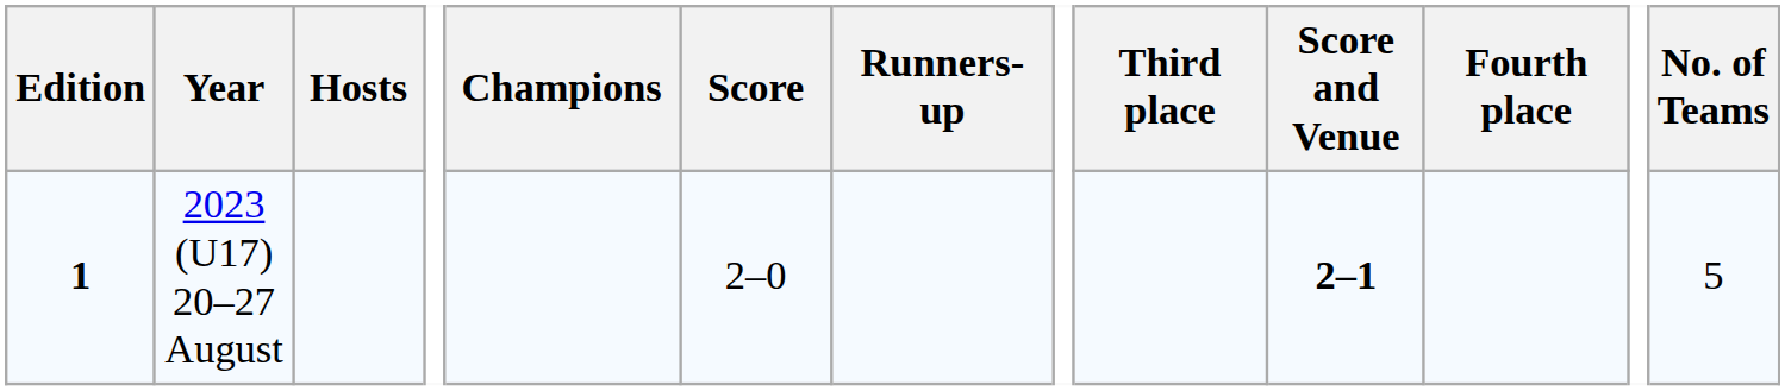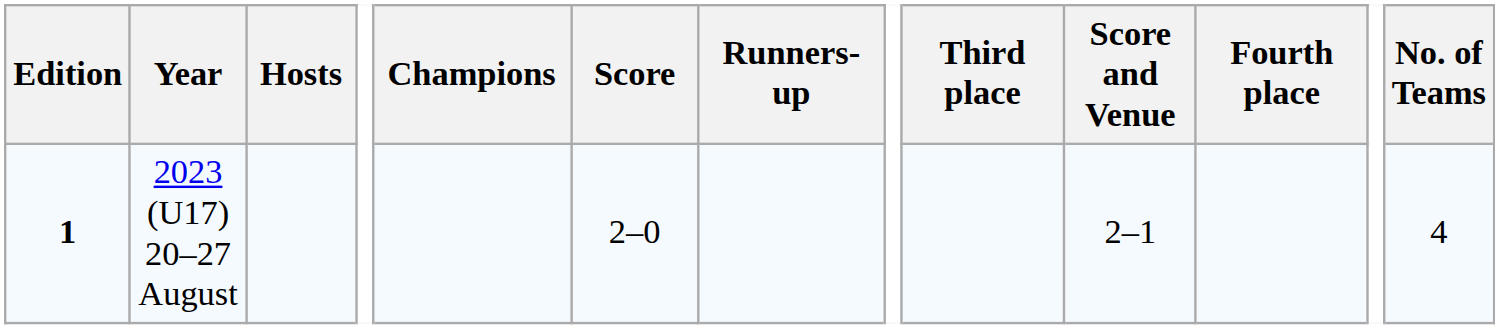 <table class="wikitable" style="text-align:center;width:100%; font-size:90%;">
 <tr>
 <th width=2%>Edition</th>
 <th width=5%>Year</th>
 <th width=8%>Hosts</th>
 <td rowspan="5" style="width:1%;background:#fff;border-top-style:hidden;border-bottom-style:hidden;"></td>
 <th style="width:14%;">Champions</th>
 <th width=10%>Score</th>
 <th style="width:14%;">Runners-up</th>
 <td rowspan="5" style="width:1%;background:#fff;border-top-style:hidden;border-bottom-style:hidden;"></td>
 <th style="width:14%;">Third place</th>
 <th width=10%>Score and Venue</th>
 <th style="width:14%;">Fourth place</th>
 <td rowspan="5" style="width:1%;background:#fff;border-top-style:hidden;border-bottom-style:hidden;"></td>
 <th width=4%>No. of Teams</th>
 </tr>
 <tr bgcolor=#F5FAFF>
 <td><strong>1</strong></td>
 <td><a href='#'>2023</a><br>(U17) 20–27 August</td>
 <td align="left"></td>
 <td></td>
 <td>2–0</td>
 <td></td>
 <td></td>
-<td><strong>2–1</strong></td>
+<td>2–1</td>
 <td></td>
-<td>5</td>
+<td>4</td>
 </tr>
 </table>
